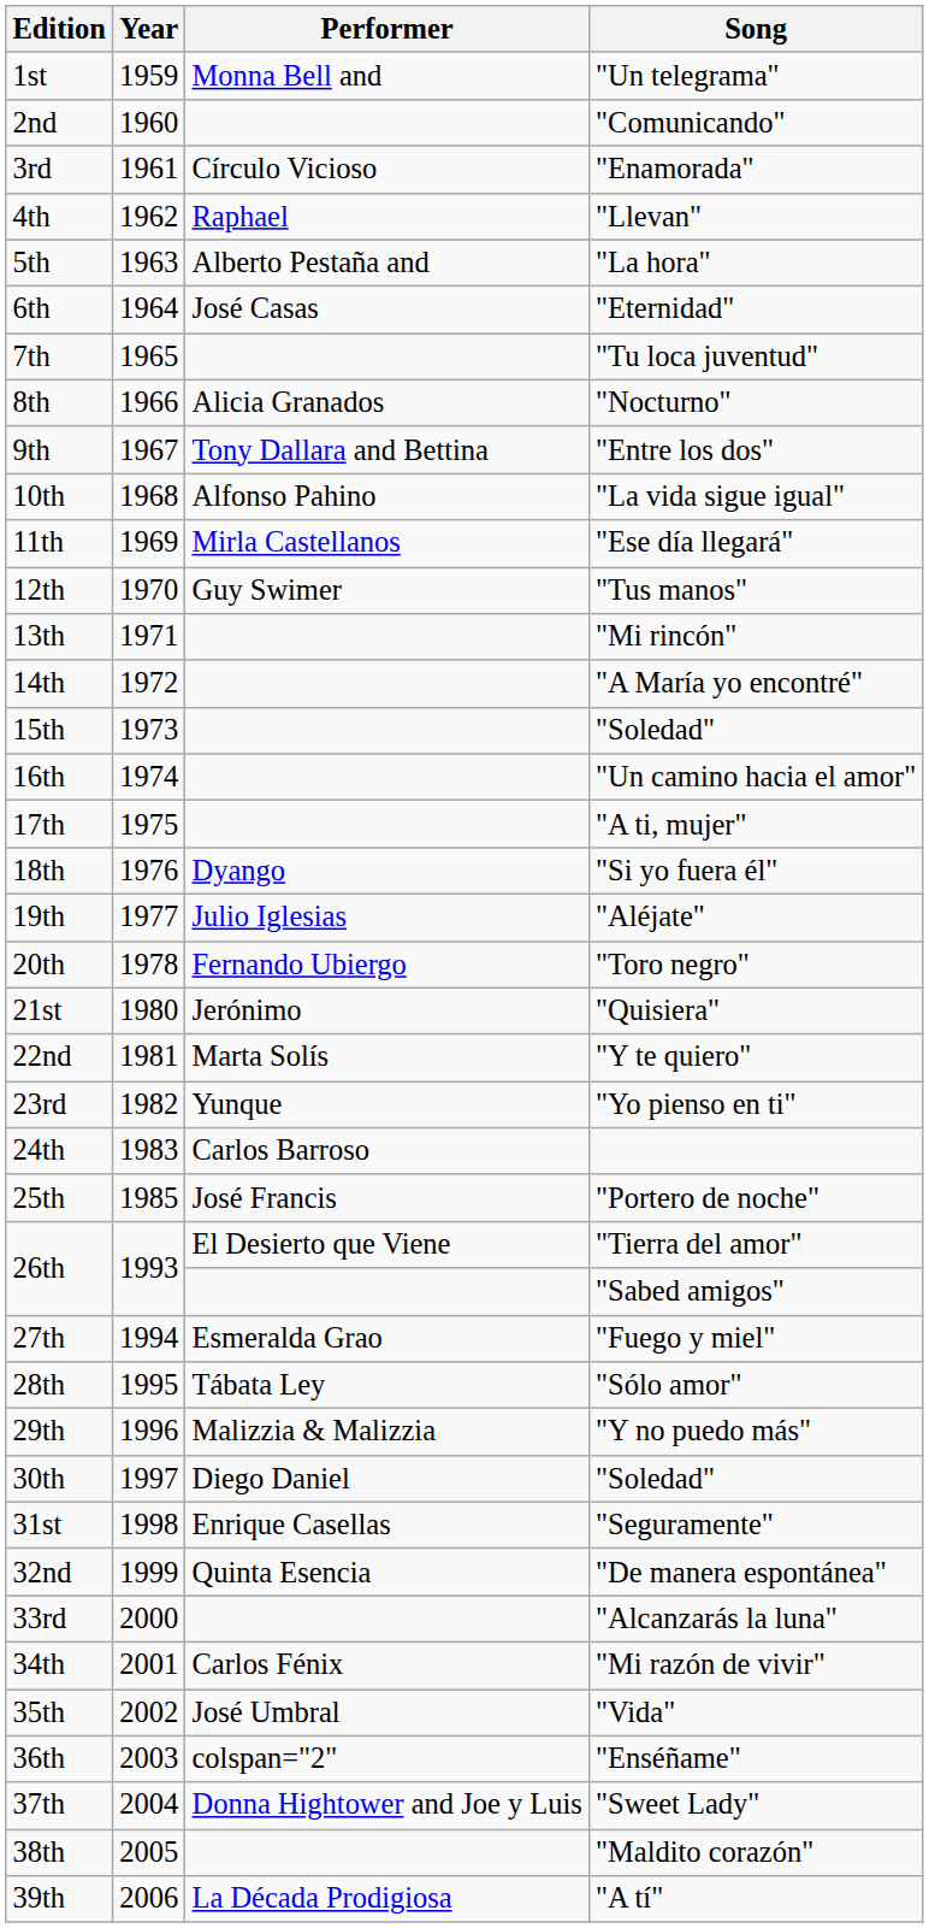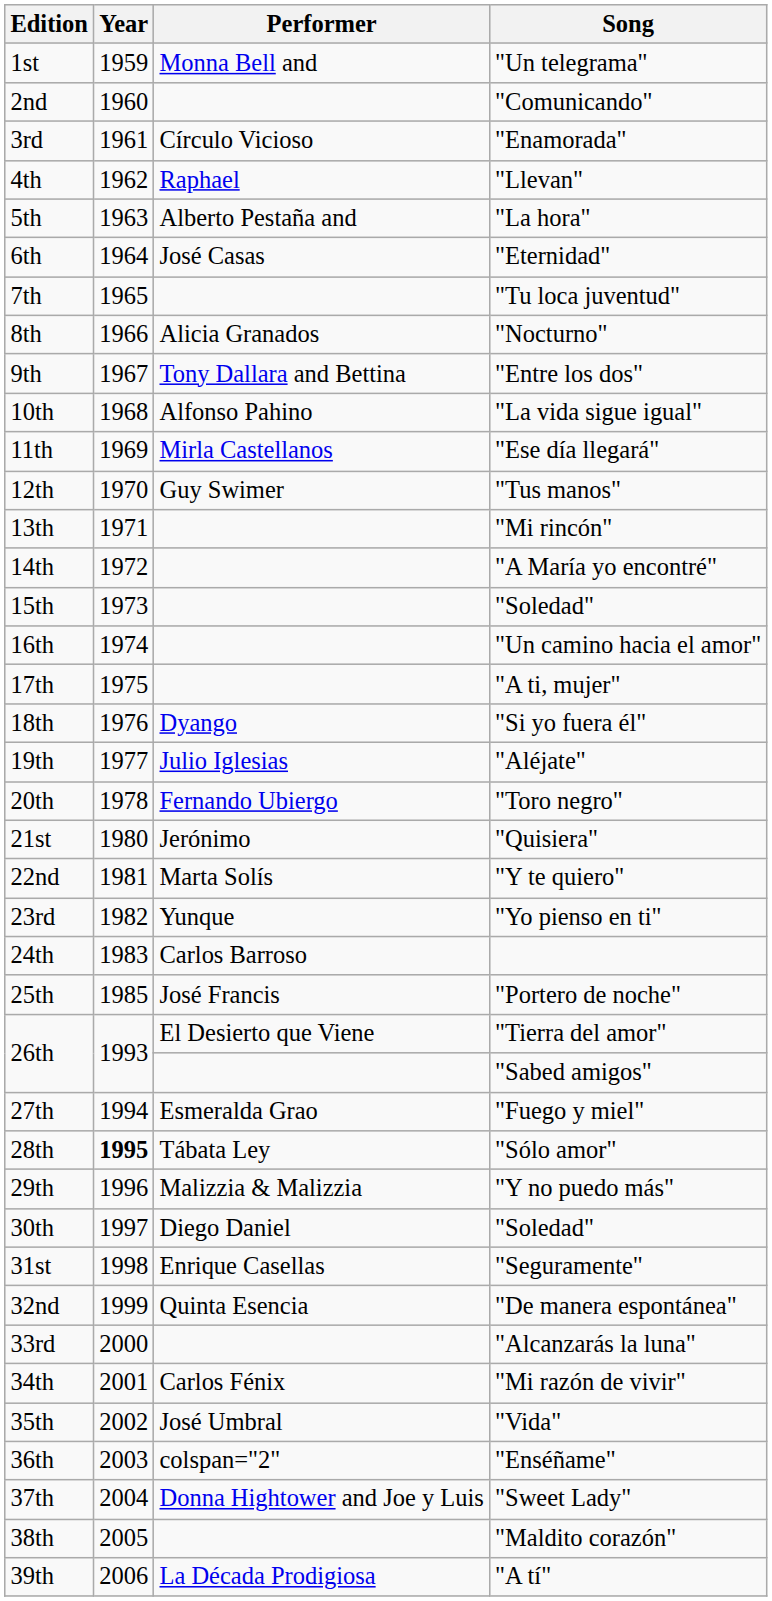 <table class="wikitable">
 <tr>
 <th>Edition</th>
 <th>Year</th>
 <th>Performer</th>
 <th>Song</th>
 </tr>
 <tr>
 <td>1st</td>
 <td>1959</td>
 <td><a href='#'>Monna Bell</a> and </td>
 <td>"Un telegrama"</td>
 </tr>
 <tr>
 <td>2nd</td>
 <td>1960</td>
 <td></td>
 <td>"Comunicando"</td>
 </tr>
 <tr>
 <td>3rd</td>
 <td>1961</td>
 <td>Círculo Vicioso</td>
 <td>"Enamorada"</td>
 </tr>
 <tr>
 <td>4th</td>
 <td>1962</td>
 <td><a href='#'>Raphael</a></td>
 <td>"Llevan"</td>
 </tr>
 <tr>
 <td>5th</td>
 <td>1963</td>
 <td>Alberto Pestaña and </td>
 <td>"La hora"</td>
 </tr>
 <tr>
 <td>6th</td>
 <td>1964</td>
 <td>José Casas</td>
 <td>"Eternidad"</td>
 </tr>
 <tr>
 <td>7th</td>
 <td>1965</td>
 <td></td>
 <td>"Tu loca juventud"</td>
 </tr>
 <tr>
 <td>8th</td>
 <td>1966</td>
 <td>Alicia Granados</td>
 <td>"Nocturno"</td>
 </tr>
 <tr>
 <td>9th</td>
 <td>1967</td>
 <td><a href='#'>Tony Dallara</a> and Bettina</td>
 <td>"Entre los dos"</td>
 </tr>
 <tr>
 <td>10th</td>
 <td>1968</td>
 <td>Alfonso Pahino</td>
 <td>"La vida sigue igual"</td>
 </tr>
 <tr>
 <td>11th</td>
 <td>1969</td>
 <td><a href='#'>Mirla Castellanos</a></td>
 <td>"Ese día llegará"</td>
 </tr>
 <tr>
 <td>12th</td>
 <td>1970</td>
 <td>Guy Swimer</td>
 <td>"Tus manos"</td>
 </tr>
 <tr>
 <td>13th</td>
 <td>1971</td>
 <td></td>
 <td>"Mi rincón"</td>
 </tr>
 <tr>
 <td>14th</td>
 <td>1972</td>
 <td></td>
 <td>"A María yo encontré"</td>
 </tr>
 <tr>
 <td>15th</td>
 <td>1973</td>
 <td></td>
 <td>"Soledad"</td>
 </tr>
 <tr>
 <td>16th</td>
 <td>1974</td>
 <td></td>
 <td>"Un camino hacia el amor"</td>
 </tr>
 <tr>
 <td>17th</td>
 <td>1975</td>
 <td></td>
 <td>"A ti, mujer"</td>
 </tr>
 <tr>
 <td>18th</td>
 <td>1976</td>
 <td><a href='#'>Dyango</a></td>
 <td>"Si yo fuera él"</td>
 </tr>
 <tr>
 <td>19th</td>
 <td>1977</td>
 <td><a href='#'>Julio Iglesias</a></td>
 <td>"Aléjate"</td>
 </tr>
 <tr>
 <td>20th</td>
 <td>1978</td>
 <td><a href='#'>Fernando Ubiergo</a></td>
 <td>"Toro negro"</td>
 </tr>
 <tr>
 <td>21st</td>
 <td>1980</td>
 <td>Jerónimo</td>
 <td>"Quisiera"</td>
 </tr>
 <tr>
 <td>22nd</td>
 <td>1981</td>
 <td>Marta Solís</td>
 <td>"Y te quiero"</td>
 </tr>
 <tr>
 <td>23rd</td>
 <td>1982</td>
 <td>Yunque</td>
 <td>"Yo pienso en ti"</td>
 </tr>
 <tr>
 <td>24th</td>
 <td>1983</td>
 <td>Carlos Barroso</td>
 </tr>
 <tr>
 <td>25th</td>
 <td>1985</td>
 <td>José Francis</td>
 <td>"Portero de noche"</td>
 </tr>
 <tr>
 <td rowspan="2">26th</td>
 <td rowspan="2">1993</td>
 <td>El Desierto que Viene</td>
 <td>"Tierra del amor"</td>
 </tr>
 <tr>
 <td></td>
 <td>"Sabed amigos"</td>
 </tr>
 <tr>
 <td>27th</td>
 <td>1994</td>
 <td>Esmeralda Grao</td>
 <td>"Fuego y miel"</td>
 </tr>
 <tr>
 <td>28th</td>
-<td>1995</td>
+<td><strong>1995</strong></td>
 <td>Tábata Ley</td>
 <td>"Sólo amor"</td>
 </tr>
 <tr>
 <td>29th</td>
 <td>1996</td>
 <td>Malizzia & Malizzia</td>
 <td>"Y no puedo más"</td>
 </tr>
 <tr>
 <td>30th</td>
 <td>1997</td>
 <td>Diego Daniel</td>
 <td>"Soledad"</td>
 </tr>
 <tr>
 <td>31st</td>
 <td>1998</td>
 <td>Enrique Casellas</td>
 <td>"Seguramente"</td>
 </tr>
 <tr>
 <td>32nd</td>
 <td>1999</td>
 <td>Quinta Esencia</td>
 <td>"De manera espontánea"</td>
 </tr>
 <tr>
 <td>33rd</td>
 <td>2000</td>
 <td></td>
 <td>"Alcanzarás la luna"</td>
 </tr>
 <tr>
 <td>34th</td>
 <td>2001</td>
 <td>Carlos Fénix</td>
 <td>"Mi razón de vivir"</td>
 </tr>
 <tr>
 <td>35th</td>
 <td>2002</td>
 <td>José Umbral</td>
 <td>"Vida"</td>
 </tr>
 <tr>
 <td>36th</td>
 <td>2003</td>
 <td>colspan="2" </td>
 <td>"Enséñame"</td>
 </tr>
 <tr>
 <td>37th</td>
 <td>2004</td>
 <td><a href='#'>Donna Hightower</a> and Joe y Luis</td>
 <td>"Sweet Lady"</td>
 </tr>
 <tr>
 <td>38th</td>
 <td>2005</td>
 <td></td>
 <td>"Maldito corazón"</td>
 </tr>
 <tr>
 <td>39th</td>
 <td>2006</td>
 <td><a href='#'>La Década Prodigiosa</a></td>
 <td>"A tí"</td>
 </tr>
 </table>
